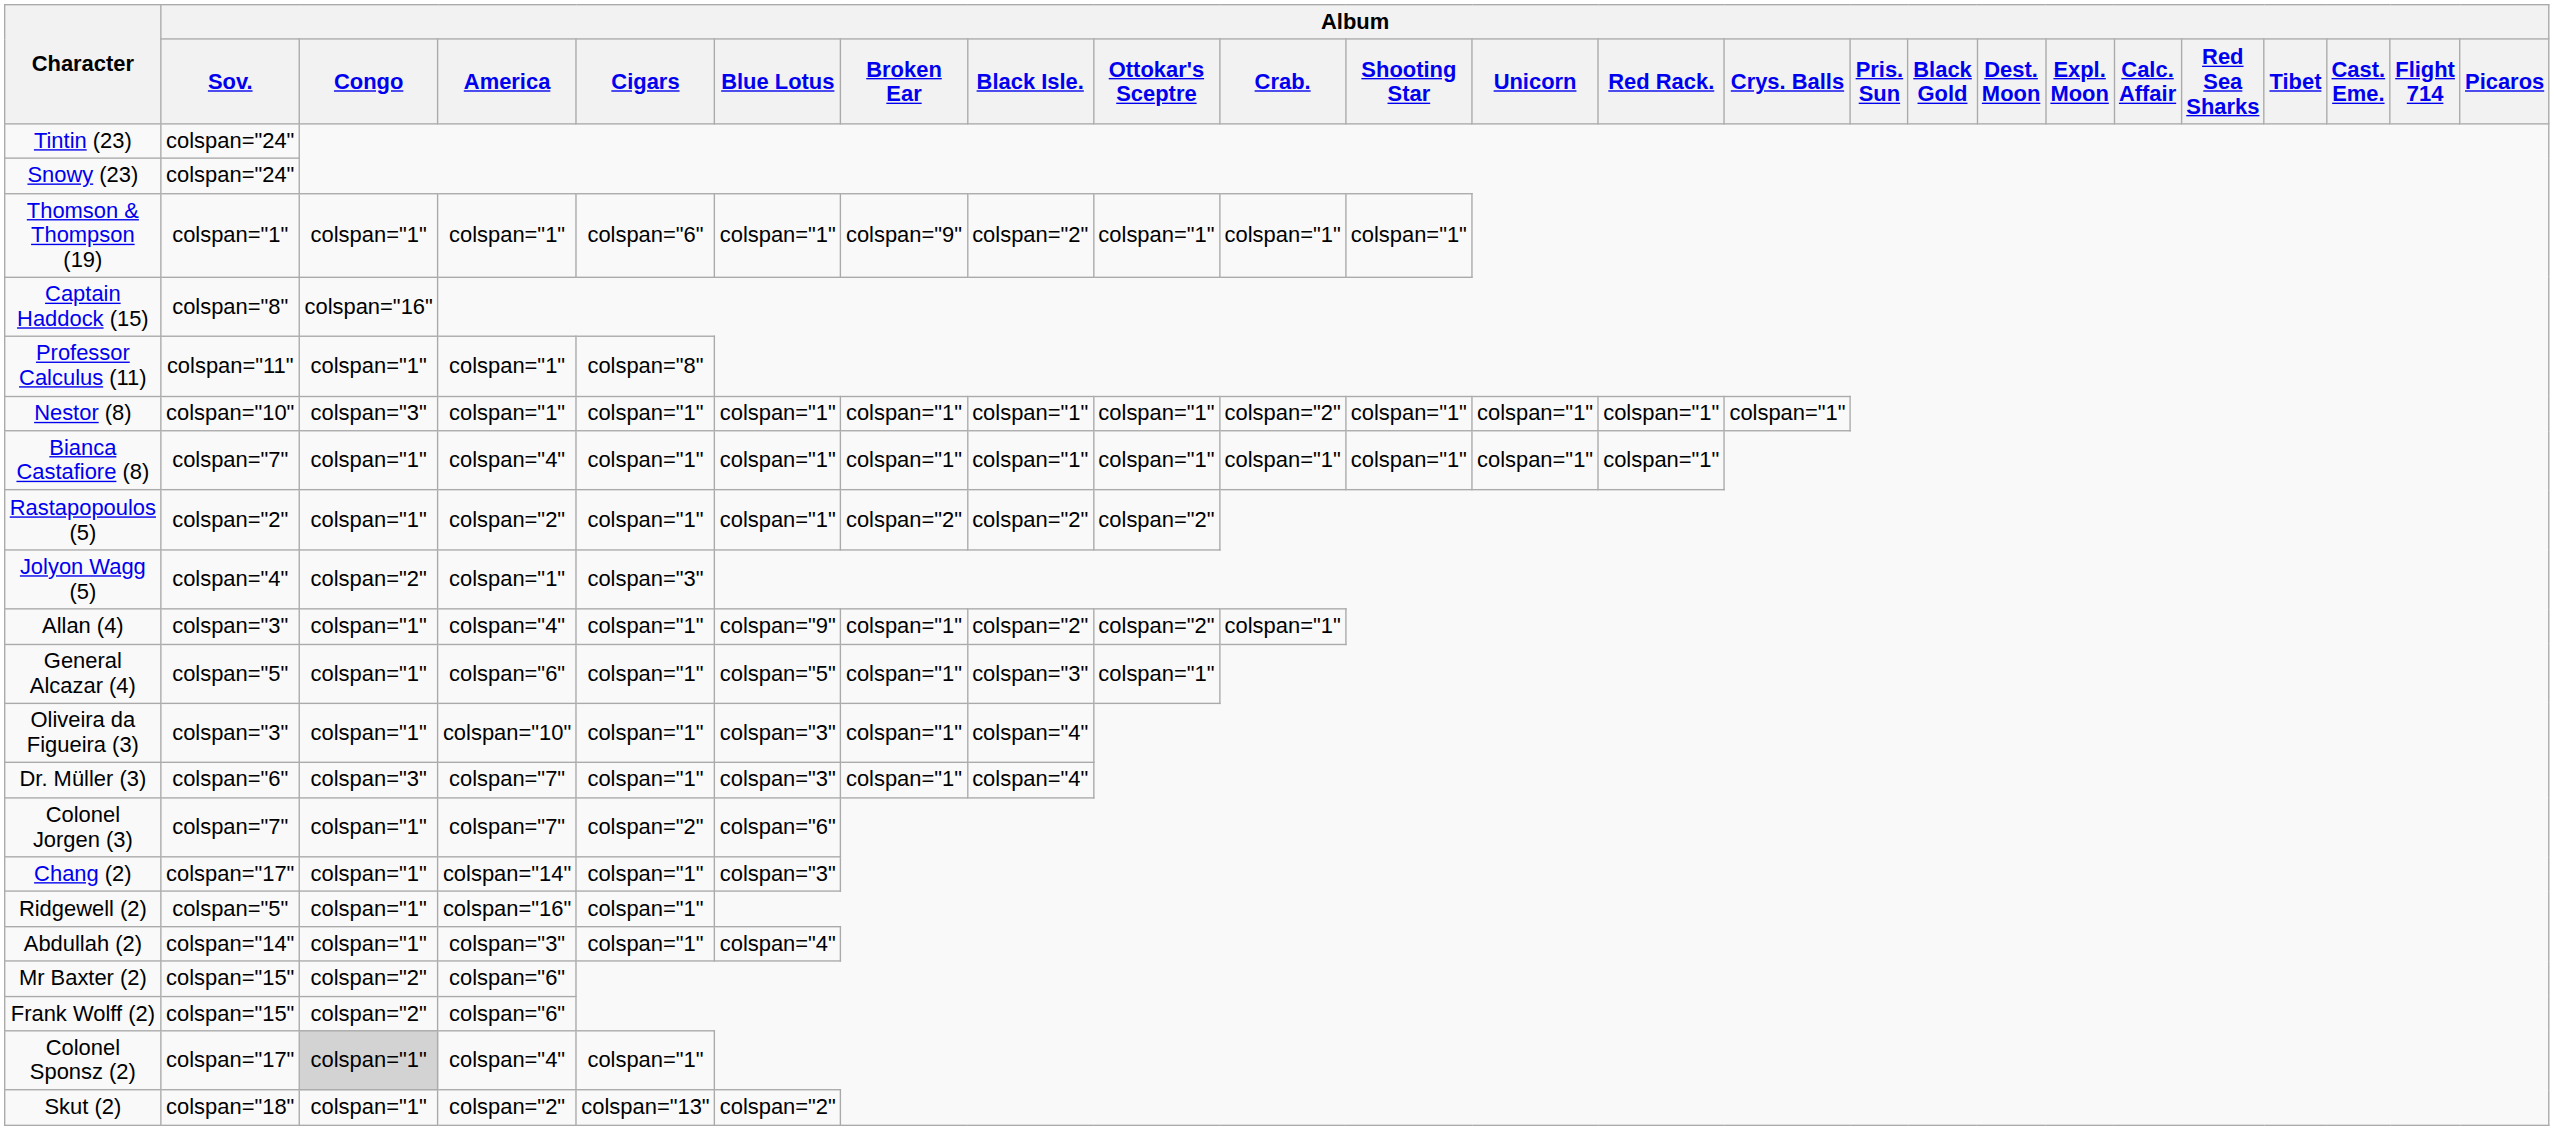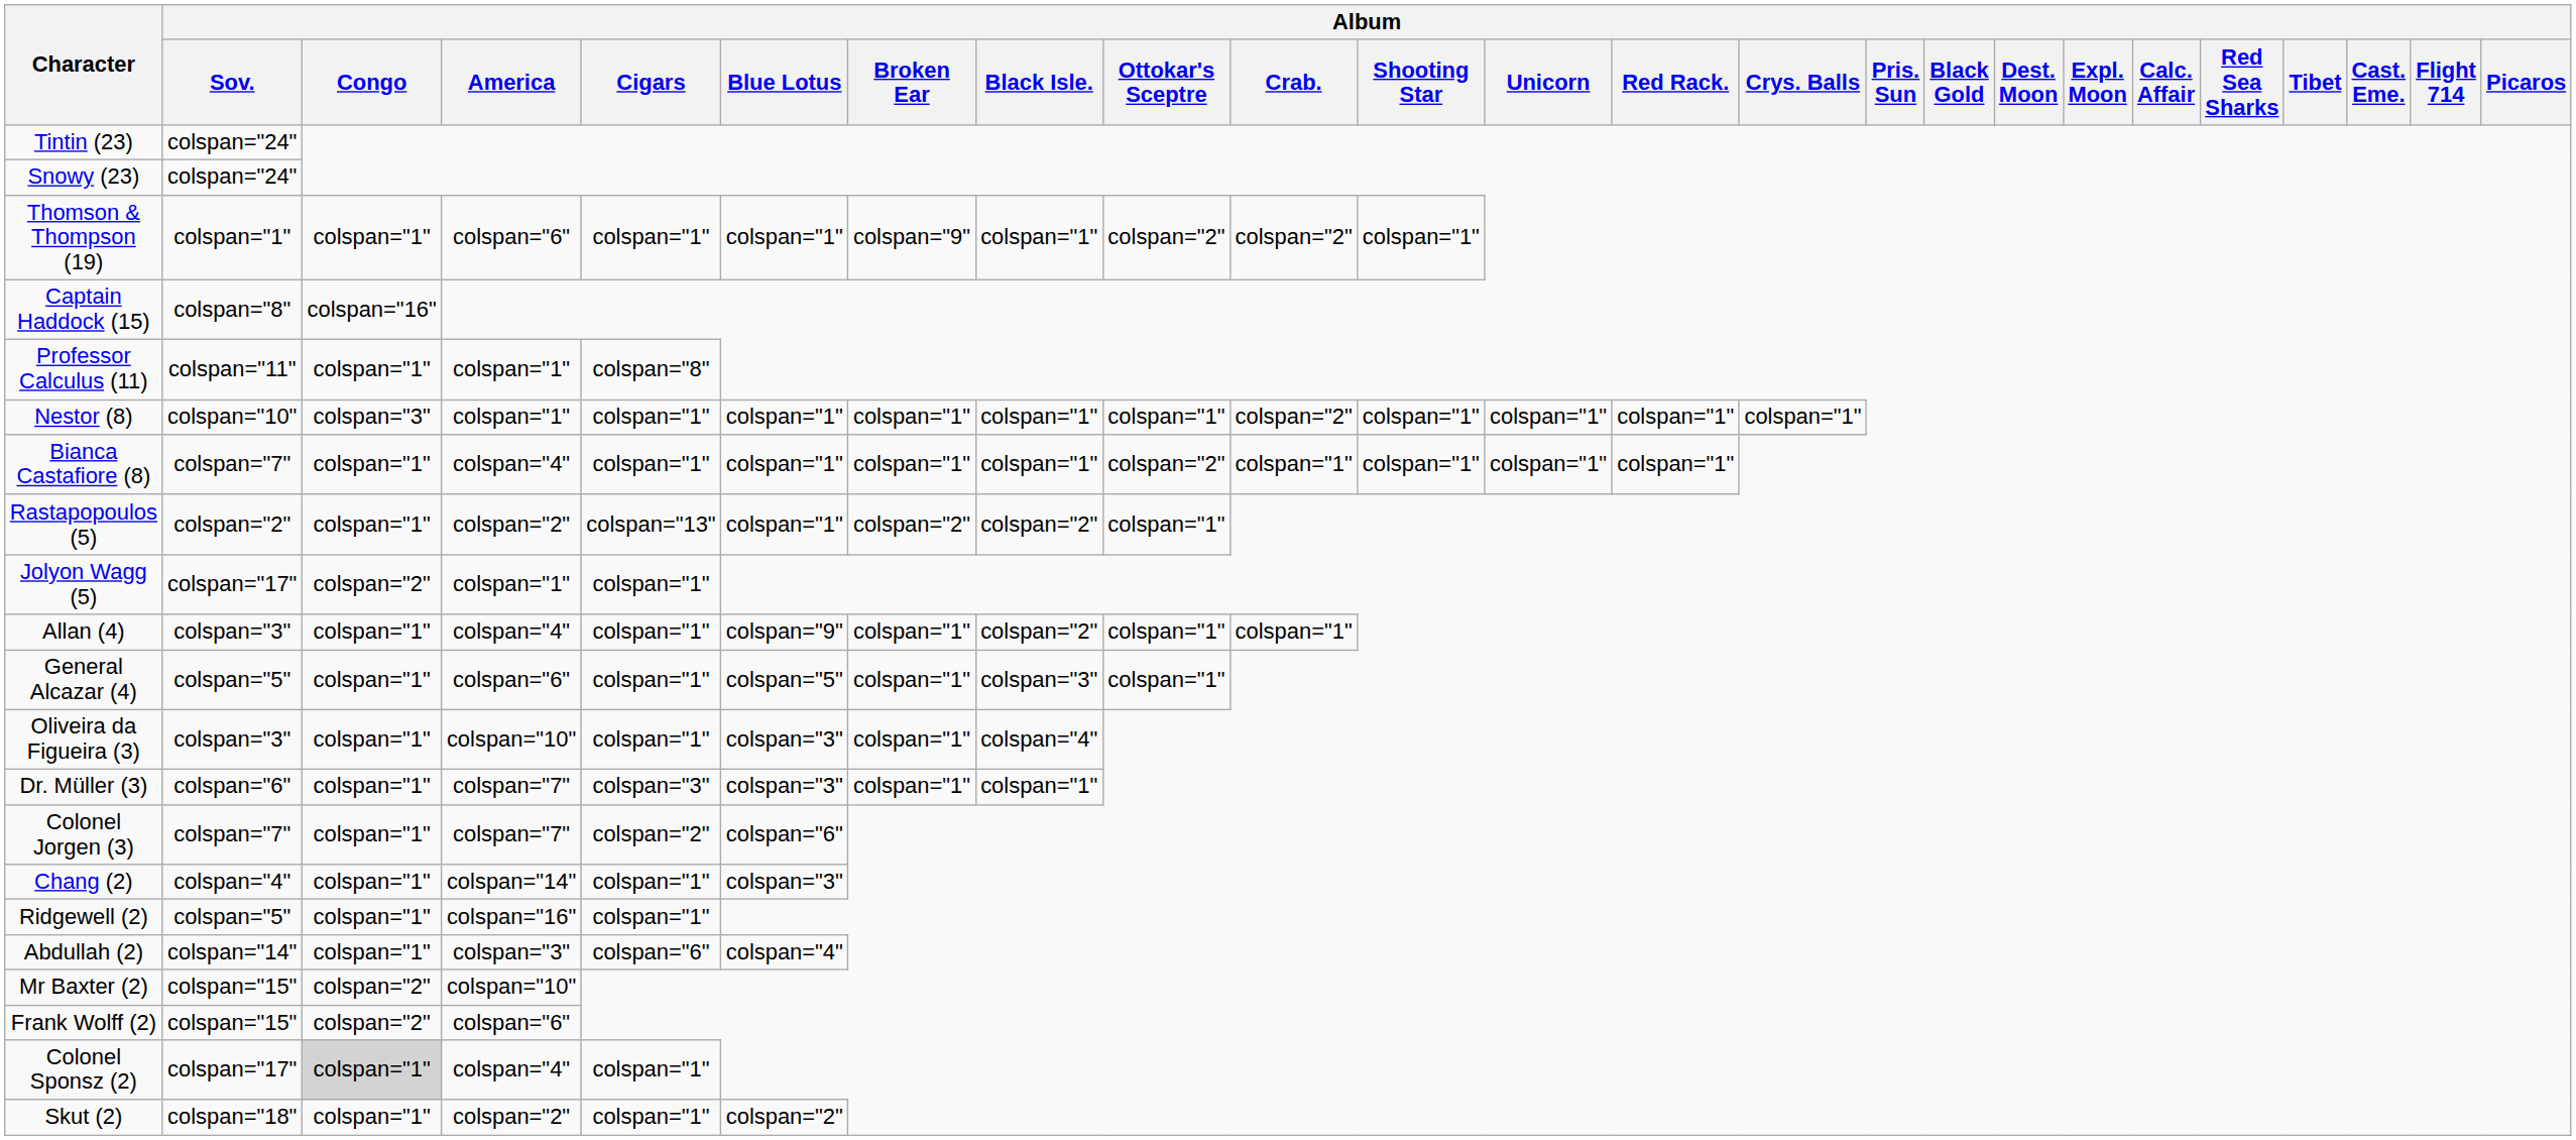 <table class="wikitable plainrowheaders mw-collapsible mw-collapsed" style="text-align:center">
 <tr>
 <th scope="col" rowspan="2" style="width:15%;">Character</th>
 <th scope="col" colspan="24">Album</th>
 </tr>
 <tr>
 <th scope="col" style="width:5%;"><a href='#'>Sov.</a></th>
 <th scope="col" style="width:5%;"><a href='#'>Congo</a></th>
 <th scope="col" style="width:5%;"><a href='#'>America</a></th>
 <th scope="col" style="width:5%;"><a href='#'>Cigars</a></th>
 <th scope="col" style="width:5%;"><a href='#'>Blue Lotus</a></th>
 <th scope="col" style="width:5%;"><a href='#'>Broken Ear</a></th>
 <th scope="col" style="width:5%;"><a href='#'>Black Isle.</a></th>
 <th scope="col" style="width:5%;"><a href='#'>Ottokar's Sceptre</a></th>
 <th scope="col" style="width:5%;"><a href='#'>Crab.</a></th>
 <th scope="col" style="width:5%;"><a href='#'>Shooting Star</a></th>
 <th scope="col" style="width:5%;"><a href='#'>Unicorn</a></th>
 <th scope="col" style="width:5%;"><a href='#'>Red Rack.</a></th>
 <th scope="col" style="width:5%;"><a href='#'>Crys. Balls</a></th>
 <th scope="col" style="width:5%;"><a href='#'>Pris. Sun</a></th>
 <th scope="col" style="width:5%;"><a href='#'>Black Gold</a></th>
 <th scope="col" style="width:5%;"><a href='#'>Dest. Moon</a></th>
 <th scope="col" style="width:5%;"><a href='#'>Expl. Moon</a></th>
 <th scope="col" style="width:5%;"><a href='#'>Calc. Affair</a></th>
 <th scope="col" style="width:5%;"><a href='#'>Red Sea Sharks</a></th>
 <th scope="col" style="width:5%;"><a href='#'>Tibet</a></th>
 <th scope="col" style="width:5%;"><a href='#'>Cast. Eme.</a></th>
 <th scope="col" style="width:5%;"><a href='#'>Flight 714</a></th>
 <th scope="col" style="width:5%;"><a href='#'>Picaros</a></th>
 </tr>
 <tr>
 <td scope="row"><a href='#'>Tintin</a> (23)</td>
 <td>colspan="24" </td>
 </tr>
 <tr>
 <td scope="row"><a href='#'>Snowy</a> (23)</td>
 <td>colspan="24" </td>
 </tr>
 <tr>
 <td scope="row"><a href='#'>Thomson & Thompson</a> (19)</td>
 <td>colspan="1" </td>
 <td>colspan="1" </td>
-<td>colspan="1" </td>
 <td>colspan="6" </td>
 <td>colspan="1" </td>
+<td>colspan="1" </td>
 <td>colspan="9" </td>
+<td>colspan="1" </td>
 <td>colspan="2" </td>
-<td>colspan="1" </td>
-<td>colspan="1" </td>
+<td>colspan="2" </td>
 <td>colspan="1" </td>
 </tr>
 <tr>
 <td scope="row"><a href='#'>Captain Haddock</a> (15)</td>
 <td>colspan="8" </td>
 <td>colspan="16" </td>
 </tr>
 <tr>
 <td scope="row"><a href='#'>Professor Calculus</a> (11)</td>
 <td>colspan="11" </td>
 <td>colspan="1" </td>
 <td>colspan="1" </td>
 <td>colspan="8" </td>
 </tr>
 <tr>
 <td scope="row"><a href='#'>Nestor</a> (8)</td>
 <td>colspan="10" </td>
 <td>colspan="3" </td>
 <td>colspan="1" </td>
 <td>colspan="1" </td>
 <td>colspan="1" </td>
 <td>colspan="1" </td>
 <td>colspan="1" </td>
 <td>colspan="1" </td>
 <td>colspan="2" </td>
 <td>colspan="1" </td>
 <td>colspan="1" </td>
 <td>colspan="1" </td>
 <td>colspan="1" </td>
 </tr>
 <tr>
 <td scope="row"><a href='#'>Bianca Castafiore</a> (8)</td>
 <td>colspan="7" </td>
 <td>colspan="1" </td>
 <td>colspan="4" </td>
 <td>colspan="1" </td>
 <td>colspan="1" </td>
 <td>colspan="1" </td>
 <td>colspan="1" </td>
-<td>colspan="1" </td>
+<td>colspan="2" </td>
 <td>colspan="1" </td>
 <td>colspan="1" </td>
 <td>colspan="1" </td>
 <td>colspan="1" </td>
 </tr>
 <tr>
 <td scope="row"><a href='#'>Rastapopoulos</a> (5)</td>
 <td>colspan="2" </td>
 <td>colspan="1" </td>
 <td>colspan="2" </td>
-<td>colspan="1" </td>
+<td>colspan="13" </td>
 <td>colspan="1" </td>
 <td>colspan="2" </td>
 <td>colspan="2" </td>
-<td>colspan="2" </td>
+<td>colspan="1" </td>
 </tr>
 <tr>
 <td scope="row"><a href='#'>Jolyon Wagg</a> (5)</td>
-<td>colspan="4" </td>
+<td>colspan="17" </td>
 <td>colspan="2" </td>
 <td>colspan="1" </td>
-<td>colspan="3" </td>
+<td>colspan="1" </td>
 </tr>
 <tr>
 <td scope="row">Allan (4)</td>
 <td>colspan="3" </td>
 <td>colspan="1" </td>
 <td>colspan="4" </td>
 <td>colspan="1" </td>
 <td>colspan="9" </td>
 <td>colspan="1" </td>
 <td>colspan="2" </td>
-<td>colspan="2" </td>
+<td>colspan="1" </td>
 <td>colspan="1" </td>
 </tr>
 <tr>
 <td scope="row">General Alcazar (4)</td>
 <td>colspan="5" </td>
 <td>colspan="1" </td>
 <td>colspan="6" </td>
 <td>colspan="1" </td>
 <td>colspan="5" </td>
 <td>colspan="1" </td>
 <td>colspan="3" </td>
 <td>colspan="1" </td>
 </tr>
 <tr>
 <td scope="row">Oliveira da Figueira (3)</td>
 <td>colspan="3" </td>
 <td>colspan="1" </td>
 <td>colspan="10" </td>
 <td>colspan="1" </td>
 <td>colspan="3" </td>
 <td>colspan="1" </td>
 <td>colspan="4" </td>
 </tr>
 <tr>
 <td scope="row">Dr. Müller (3)</td>
 <td>colspan="6" </td>
+<td>colspan="1" </td>
+<td>colspan="7" </td>
 <td>colspan="3" </td>
-<td>colspan="7" </td>
-<td>colspan="1" </td>
 <td>colspan="3" </td>
 <td>colspan="1" </td>
-<td>colspan="4" </td>
+<td>colspan="1" </td>
 </tr>
 <tr>
 <td scope="row">Colonel Jorgen (3)</td>
 <td>colspan="7" </td>
 <td>colspan="1" </td>
 <td>colspan="7" </td>
 <td>colspan="2" </td>
 <td>colspan="6" </td>
 </tr>
 <tr>
 <td scope="row"><a href='#'>Chang</a> (2)</td>
-<td>colspan="17" </td>
+<td>colspan="4" </td>
 <td>colspan="1" </td>
 <td>colspan="14" </td>
 <td>colspan="1" </td>
 <td>colspan="3" </td>
 </tr>
 <tr>
 <td scope="row">Ridgewell (2)</td>
 <td>colspan="5" </td>
 <td>colspan="1" </td>
 <td>colspan="16" </td>
 <td>colspan="1" </td>
 </tr>
 <tr>
 <td scope="row">Abdullah (2)</td>
 <td>colspan="14" </td>
 <td>colspan="1" </td>
 <td>colspan="3" </td>
-<td>colspan="1" </td>
+<td>colspan="6" </td>
 <td>colspan="4" </td>
 </tr>
 <tr>
 <td scope="row">Mr Baxter (2)</td>
 <td>colspan="15" </td>
 <td>colspan="2" </td>
-<td>colspan="6" </td>
+<td>colspan="10" </td>
 </tr>
 <tr>
 <td scope="row">Frank Wolff (2)</td>
 <td>colspan="15" </td>
 <td>colspan="2" </td>
 <td>colspan="6" </td>
 </tr>
 <tr>
 <td scope="row">Colonel Sponsz (2)</td>
 <td>colspan="17" </td>
 <td style="background: lightgrey;">colspan="1" </td>
 <td>colspan="4" </td>
 <td>colspan="1" </td>
 </tr>
 <tr>
 <td scope="row">Skut (2)</td>
 <td>colspan="18" </td>
 <td>colspan="1" </td>
 <td>colspan="2" </td>
-<td>colspan="13" </td>
+<td>colspan="1" </td>
 <td>colspan="2" </td>
 </tr>
 </table>
